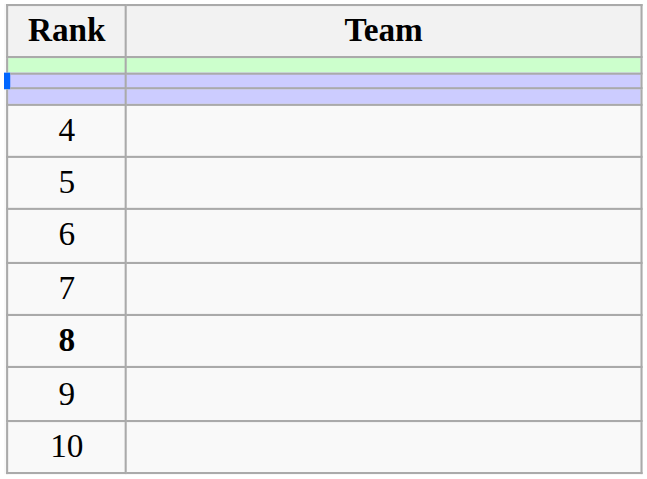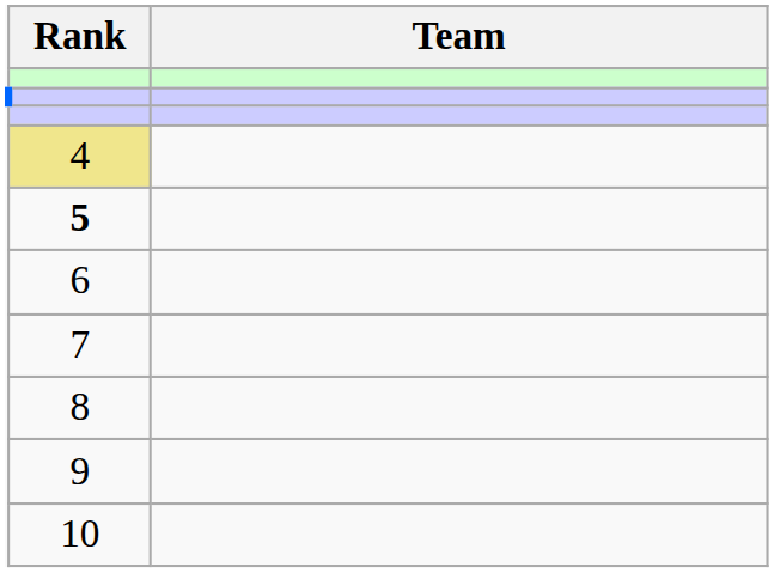 <table class="wikitable" style="text-align: center;">
 <tr>
 <th width=50>Rank</th>
 <th width=240>Team</th>
 </tr>
 <tr bgcolor=ccffcc>
 <td></td>
 <td align=left></td>
 </tr>
 <tr bgcolor=ccccff>
 <td style="border-left:3px solid #06f;"></td>
 <td align=left></td>
 </tr>
 <tr bgcolor=ccccff>
 <td></td>
 <td align=left></td>
 </tr>
 <tr>
-<td>4</td>
+<td style="background: khaki;">4</td>
 <td align=left></td>
 </tr>
 <tr>
-<td>5</td>
+<td><strong>5</strong></td>
 <td align=left></td>
 </tr>
 <tr>
 <td>6</td>
 <td align=left></td>
 </tr>
 <tr>
 <td>7</td>
 <td align=left></td>
 </tr>
 <tr>
-<td><strong>8</strong></td>
+<td>8</td>
 <td align=left></td>
 </tr>
 <tr>
 <td>9</td>
 <td align=left></td>
 </tr>
 <tr>
 <td>10</td>
 <td align=left></td>
 </tr>
 </table>
